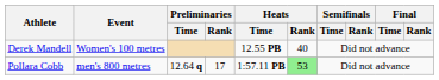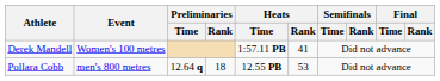 <table class=wikitable style="font-size:90%;">
 <tr>
 <th rowspan=2>Athlete</th>
 <th rowspan=2>Event</th>
 <th colspan=2>Preliminaries</th>
 <th colspan=2>Heats</th>
 <th colspan=2>Semifinals</th>
 <th colspan=2>Final</th>
 </tr>
 <tr>
 <th>Time</th>
 <th>Rank</th>
 <th>Time</th>
 <th>Rank</th>
 <th>Time</th>
 <th>Rank</th>
 <th>Time</th>
 <th>Rank</th>
 </tr>
 <tr>
 <td><a href='#'>Derek Mandell</a></td>
 <td><a href='#'>Women's 100 metres</a></td>
 <td colspan= 2 bgcolor="wheat"></td>
-<td align=center>12.55 <strong>PB</strong></td>
-<td align=center>40</td>
+<td align=center>1:57.11 <strong>PB</strong></td>
+<td align=center>41</td>
 <td colspan="4" align=center>Did not advance</td>
 </tr>
 <tr>
 <td><a href='#'>Pollara Cobb</a></td>
 <td><a href='#'>men's 800 metres</a></td>
 <td align=center>12.64 <strong>q</strong></td>
-<td align=center>17</td>
-<td align=center>1:57.11 <strong>PB</strong></td>
-<td align=center style="background: lightgreen;">53</td>
+<td align=center>18</td>
+<td align=center>12.55 <strong>PB</strong></td>
+<td align=center>53</td>
 <td colspan="4" align=center>Did not advance</td>
 </tr>
 </table>
